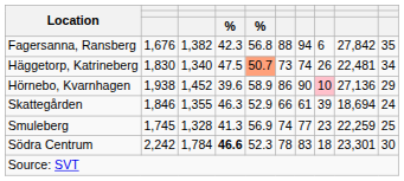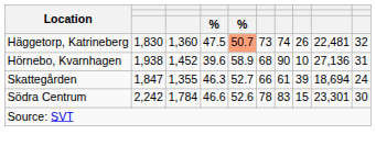 <table role="presentation" class="wikitable sortable mw-collapsible">
 <tr>
 <th rowspan="3">Location</th>
 <th></th>
 <th></th>
 <th></th>
 <th></th>
 <th></th>
 <th></th>
 <th></th>
 <th></th>
 <th></th>
 </tr>
 <tr>
 <th></th>
 <th></th>
 <th style="background:"></th>
 <th style="background:"></th>
 <th></th>
 <th></th>
 <th></th>
 <th></th>
 <th></th>
 </tr>
 <tr>
 <th data-sort-type="number"></th>
 <th data-sort-type="number"></th>
 <th data-sort-type="number">%</th>
 <th data-sort-type="number">%</th>
 <th data-sort-type="number"></th>
 <th data-sort-type="number"></th>
 <th data-sort-type="number"></th>
 <th data-sort-type="number"></th>
 <th data-sort-type="number"></th>
 </tr>
 <tr>
-<td align="left">Fagersanna, Ransberg</td>
-<td>1,676</td>
-<td>1,382</td>
-<td>42.3</td>
-<td>56.8</td>
-<td>88</td>
-<td>94</td>
-<td>6</td>
-<td>27,842</td>
-<td>35</td>
-</tr>
-<tr>
 <td align="left">Häggetorp, Katrineberg</td>
 <td>1,830</td>
-<td>1,340</td>
+<td>1,360</td>
 <td>47.5</td>
 <td style="background: lightsalmon;">50.7</td>
 <td>73</td>
 <td>74</td>
 <td>26</td>
 <td>22,481</td>
-<td>34</td>
+<td>32</td>
 </tr>
 <tr>
 <td align="left">Hörnebo, Kvarnhagen</td>
 <td>1,938</td>
 <td>1,452</td>
 <td>39.6</td>
 <td>58.9</td>
-<td>86</td>
+<td>68</td>
 <td>90</td>
-<td style="background: pink;">10</td>
+<td>10</td>
 <td>27,136</td>
-<td>29</td>
+<td>31</td>
 </tr>
 <tr>
 <td align="left">Skattegården</td>
-<td>1,846</td>
+<td>1,847</td>
 <td>1,355</td>
 <td>46.3</td>
-<td>52.9</td>
+<td>52.7</td>
 <td>66</td>
 <td>61</td>
 <td>39</td>
 <td>18,694</td>
 <td>24</td>
 </tr>
 <tr>
-<td align="left">Smuleberg</td>
-<td>1,745</td>
-<td>1,328</td>
-<td>41.3</td>
-<td>56.9</td>
-<td>74</td>
-<td>77</td>
-<td>23</td>
-<td>22,259</td>
-<td>25</td>
-</tr>
-<tr>
 <td align="left">Södra Centrum</td>
 <td>2,242</td>
 <td>1,784</td>
-<td><strong>46.6</strong></td>
-<td>52.3</td>
+<td>46.6</td>
+<td>52.6</td>
 <td>78</td>
 <td>83</td>
-<td>18</td>
+<td>15</td>
 <td>23,301</td>
 <td>30</td>
 </tr>
 <tr>
 <td colspan="10" align="left">Source: <a href='#'>SVT</a></td>
 </tr>
 </table>
